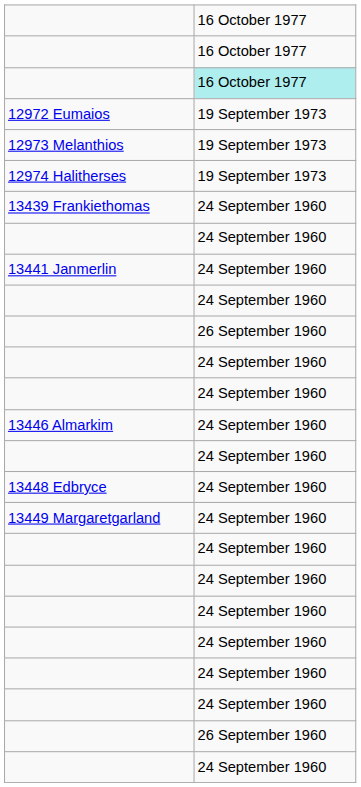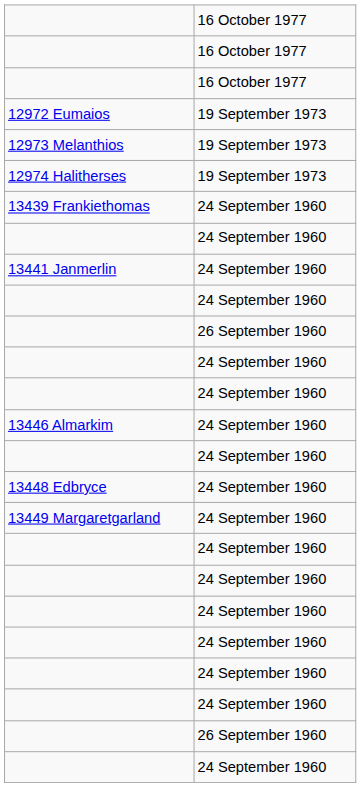 <table class="wikitable" style="font-size: 89%; float: left; width: 24em; margin-right: 1em; line-height: 1.65em">
 <tr>
 <td></td>
 <td>16 October 1977</td>
 </tr>
 <tr>
 <td></td>
 <td>16 October 1977</td>
 </tr>
 <tr>
 <td></td>
-<td style="background: paleturquoise;">16 October 1977</td>
+<td>16 October 1977</td>
 </tr>
 <tr>
 <td><a href='#'>12972 Eumaios</a></td>
 <td>19 September 1973</td>
 </tr>
 <tr>
 <td><a href='#'>12973 Melanthios</a></td>
 <td>19 September 1973</td>
 </tr>
 <tr>
 <td><a href='#'>12974 Halitherses</a></td>
 <td>19 September 1973</td>
 </tr>
 <tr>
 <td><a href='#'>13439 Frankiethomas</a></td>
 <td>24 September 1960</td>
 </tr>
 <tr>
 <td></td>
 <td>24 September 1960</td>
 </tr>
 <tr>
 <td><a href='#'>13441 Janmerlin</a></td>
 <td>24 September 1960</td>
 </tr>
 <tr>
 <td></td>
 <td>24 September 1960</td>
 </tr>
 <tr>
 <td></td>
 <td>26 September 1960</td>
 </tr>
 <tr>
 <td></td>
 <td>24 September 1960</td>
 </tr>
 <tr>
 <td></td>
 <td>24 September 1960</td>
 </tr>
 <tr>
 <td><a href='#'>13446 Almarkim</a></td>
 <td>24 September 1960</td>
 </tr>
 <tr>
 <td></td>
 <td>24 September 1960</td>
 </tr>
 <tr>
 <td><a href='#'>13448 Edbryce</a></td>
 <td>24 September 1960</td>
 </tr>
 <tr>
 <td><a href='#'>13449 Margaretgarland</a></td>
 <td>24 September 1960</td>
 </tr>
 <tr>
 <td></td>
 <td>24 September 1960</td>
 </tr>
 <tr>
 <td></td>
 <td>24 September 1960</td>
 </tr>
 <tr>
 <td></td>
 <td>24 September 1960</td>
 </tr>
 <tr>
 <td></td>
 <td>24 September 1960</td>
 </tr>
 <tr>
 <td></td>
 <td>24 September 1960</td>
 </tr>
 <tr>
 <td></td>
 <td>24 September 1960</td>
 </tr>
 <tr>
 <td></td>
 <td>26 September 1960</td>
 </tr>
 <tr>
 <td></td>
 <td>24 September 1960</td>
 </tr>
 </table>
